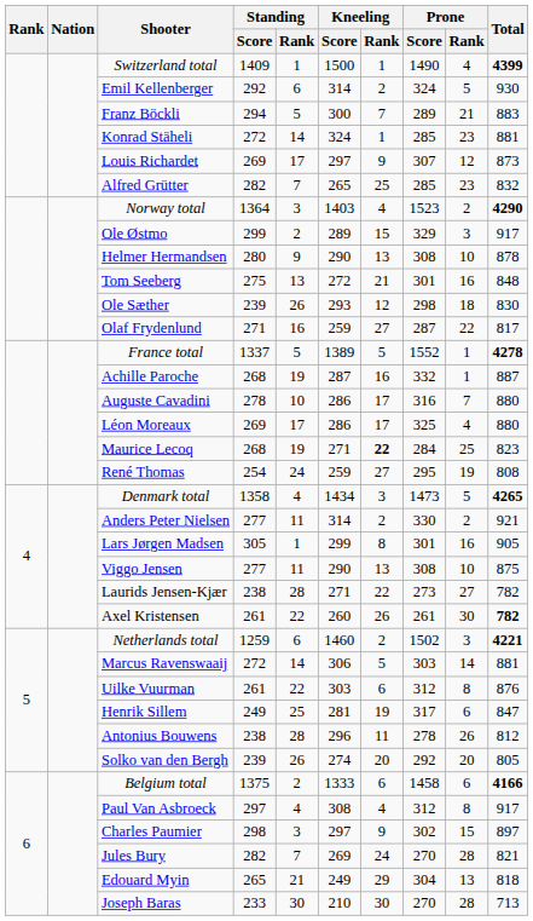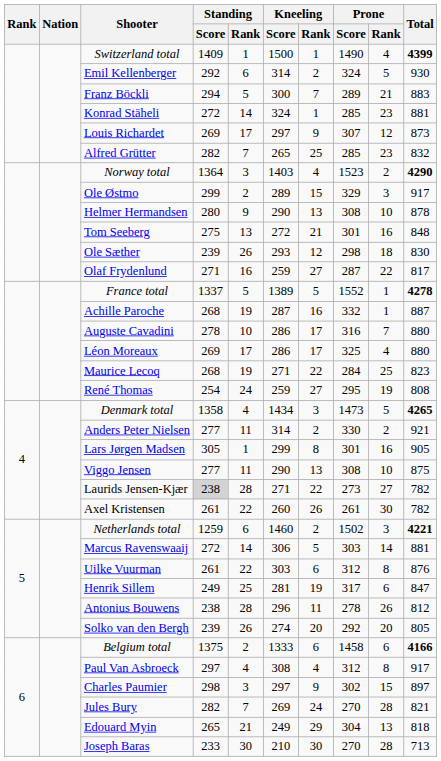 <table class="wikitable sortable" style="text-align:center">
 <tr>
 <th rowspan=2>Rank</th>
 <th rowspan=2>Nation</th>
 <th rowspan=2>Shooter</th>
 <th colspan=2>Standing</th>
 <th colspan=2>Kneeling</th>
 <th colspan=2>Prone</th>
 <th rowspan=2>Total</th>
 </tr>
 <tr>
 <th>Score</th>
 <th>Rank</th>
 <th>Score</th>
 <th>Rank</th>
 <th>Score</th>
 <th>Rank</th>
 </tr>
 <tr>
 <td rowspan=6></td>
 <td rowspan=6 align=left></td>
 <td><em>Switzerland total</em></td>
 <td>1409</td>
 <td>1</td>
 <td>1500</td>
 <td>1</td>
 <td>1490</td>
 <td>4</td>
 <td><strong>4399</strong></td>
 </tr>
 <tr>
 <td align=left><a href='#'>Emil Kellenberger</a></td>
 <td>292</td>
 <td>6</td>
 <td>314</td>
 <td>2</td>
 <td>324</td>
 <td>5</td>
 <td>930</td>
 </tr>
 <tr>
 <td align=left><a href='#'>Franz Böckli</a></td>
 <td>294</td>
 <td>5</td>
 <td>300</td>
 <td>7</td>
 <td>289</td>
 <td>21</td>
 <td>883</td>
 </tr>
 <tr>
 <td align=left><a href='#'>Konrad Stäheli</a></td>
 <td>272</td>
 <td>14</td>
 <td>324</td>
 <td>1</td>
 <td>285</td>
 <td>23</td>
 <td>881</td>
 </tr>
 <tr>
 <td align=left><a href='#'>Louis Richardet</a></td>
 <td>269</td>
 <td>17</td>
 <td>297</td>
 <td>9</td>
 <td>307</td>
 <td>12</td>
 <td>873</td>
 </tr>
 <tr>
 <td align=left><a href='#'>Alfred Grütter</a></td>
 <td>282</td>
 <td>7</td>
 <td>265</td>
 <td>25</td>
 <td>285</td>
 <td>23</td>
 <td>832</td>
 </tr>
 <tr>
 <td rowspan=6></td>
 <td rowspan=6 align=left></td>
 <td><em>Norway total</em></td>
 <td>1364</td>
 <td>3</td>
 <td>1403</td>
 <td>4</td>
 <td>1523</td>
 <td>2</td>
 <td><strong>4290</strong></td>
 </tr>
 <tr>
 <td align=left><a href='#'>Ole Østmo</a></td>
 <td>299</td>
 <td>2</td>
 <td>289</td>
 <td>15</td>
 <td>329</td>
 <td>3</td>
 <td>917</td>
 </tr>
 <tr>
 <td align=left><a href='#'>Helmer Hermandsen</a></td>
 <td>280</td>
 <td>9</td>
 <td>290</td>
 <td>13</td>
 <td>308</td>
 <td>10</td>
 <td>878</td>
 </tr>
 <tr>
 <td align=left><a href='#'>Tom Seeberg</a></td>
 <td>275</td>
 <td>13</td>
 <td>272</td>
 <td>21</td>
 <td>301</td>
 <td>16</td>
 <td>848</td>
 </tr>
 <tr>
 <td align=left><a href='#'>Ole Sæther</a></td>
 <td>239</td>
 <td>26</td>
 <td>293</td>
 <td>12</td>
 <td>298</td>
 <td>18</td>
 <td>830</td>
 </tr>
 <tr>
 <td align=left><a href='#'>Olaf Frydenlund</a></td>
 <td>271</td>
 <td>16</td>
 <td>259</td>
 <td>27</td>
 <td>287</td>
 <td>22</td>
 <td>817</td>
 </tr>
 <tr>
 <td rowspan=6></td>
 <td rowspan=6 align=left></td>
 <td><em>France total</em></td>
 <td>1337</td>
 <td>5</td>
 <td>1389</td>
 <td>5</td>
 <td>1552</td>
 <td>1</td>
 <td><strong>4278</strong></td>
 </tr>
 <tr>
 <td align=left><a href='#'>Achille Paroche</a></td>
 <td>268</td>
 <td>19</td>
 <td>287</td>
 <td>16</td>
 <td>332</td>
 <td>1</td>
 <td>887</td>
 </tr>
 <tr>
 <td align=left><a href='#'>Auguste Cavadini</a></td>
 <td>278</td>
 <td>10</td>
 <td>286</td>
 <td>17</td>
 <td>316</td>
 <td>7</td>
 <td>880</td>
 </tr>
 <tr>
 <td align=left><a href='#'>Léon Moreaux</a></td>
 <td>269</td>
 <td>17</td>
 <td>286</td>
 <td>17</td>
 <td>325</td>
 <td>4</td>
 <td>880</td>
 </tr>
 <tr>
 <td align=left><a href='#'>Maurice Lecoq</a></td>
 <td>268</td>
 <td>19</td>
 <td>271</td>
-<td><strong>22</strong></td>
+<td>22</td>
 <td>284</td>
 <td>25</td>
 <td>823</td>
 </tr>
 <tr>
 <td align=left><a href='#'>René Thomas</a></td>
 <td>254</td>
 <td>24</td>
 <td>259</td>
 <td>27</td>
 <td>295</td>
 <td>19</td>
 <td>808</td>
 </tr>
 <tr>
 <td rowspan=6>4</td>
 <td rowspan=6 align=left></td>
 <td><em>Denmark total</em></td>
 <td>1358</td>
 <td>4</td>
 <td>1434</td>
 <td>3</td>
 <td>1473</td>
 <td>5</td>
 <td><strong>4265</strong></td>
 </tr>
 <tr>
 <td align=left><a href='#'>Anders Peter Nielsen</a></td>
 <td>277</td>
 <td>11</td>
 <td>314</td>
 <td>2</td>
 <td>330</td>
 <td>2</td>
 <td>921</td>
 </tr>
 <tr>
 <td align=left><a href='#'>Lars Jørgen Madsen</a></td>
 <td>305</td>
 <td>1</td>
 <td>299</td>
 <td>8</td>
 <td>301</td>
 <td>16</td>
 <td>905</td>
 </tr>
 <tr>
 <td align=left><a href='#'>Viggo Jensen</a></td>
 <td>277</td>
 <td>11</td>
 <td>290</td>
 <td>13</td>
 <td>308</td>
 <td>10</td>
 <td>875</td>
 </tr>
 <tr>
 <td align=left>Laurids Jensen-Kjær</td>
-<td>238</td>
+<td style="background: lightgrey;">238</td>
 <td>28</td>
 <td>271</td>
 <td>22</td>
 <td>273</td>
 <td>27</td>
 <td>782</td>
 </tr>
 <tr>
 <td align=left>Axel Kristensen</td>
 <td>261</td>
 <td>22</td>
 <td>260</td>
 <td>26</td>
 <td>261</td>
 <td>30</td>
-<td><strong>782</strong></td>
+<td>782</td>
 </tr>
 <tr>
 <td rowspan=6>5</td>
 <td rowspan=6 align=left></td>
 <td><em>Netherlands total</em></td>
 <td>1259</td>
 <td>6</td>
 <td>1460</td>
 <td>2</td>
 <td>1502</td>
 <td>3</td>
 <td><strong>4221</strong></td>
 </tr>
 <tr>
 <td align=left><a href='#'>Marcus Ravenswaaij</a></td>
 <td>272</td>
 <td>14</td>
 <td>306</td>
 <td>5</td>
 <td>303</td>
 <td>14</td>
 <td>881</td>
 </tr>
 <tr>
 <td align=left><a href='#'>Uilke Vuurman</a></td>
 <td>261</td>
 <td>22</td>
 <td>303</td>
 <td>6</td>
 <td>312</td>
 <td>8</td>
 <td>876</td>
 </tr>
 <tr>
 <td align=left><a href='#'>Henrik Sillem</a></td>
 <td>249</td>
 <td>25</td>
 <td>281</td>
 <td>19</td>
 <td>317</td>
 <td>6</td>
 <td>847</td>
 </tr>
 <tr>
 <td align=left><a href='#'>Antonius Bouwens</a></td>
 <td>238</td>
 <td>28</td>
 <td>296</td>
 <td>11</td>
 <td>278</td>
 <td>26</td>
 <td>812</td>
 </tr>
 <tr>
 <td align=left><a href='#'>Solko van den Bergh</a></td>
 <td>239</td>
 <td>26</td>
 <td>274</td>
 <td>20</td>
 <td>292</td>
 <td>20</td>
 <td>805</td>
 </tr>
 <tr>
 <td rowspan=6>6</td>
 <td rowspan=6 align=left></td>
 <td><em>Belgium total</em></td>
 <td>1375</td>
 <td>2</td>
 <td>1333</td>
 <td>6</td>
 <td>1458</td>
 <td>6</td>
 <td><strong>4166</strong></td>
 </tr>
 <tr>
 <td align=left><a href='#'>Paul Van Asbroeck</a></td>
 <td>297</td>
 <td>4</td>
 <td>308</td>
 <td>4</td>
 <td>312</td>
 <td>8</td>
 <td>917</td>
 </tr>
 <tr>
 <td align=left><a href='#'>Charles Paumier</a></td>
 <td>298</td>
 <td>3</td>
 <td>297</td>
 <td>9</td>
 <td>302</td>
 <td>15</td>
 <td>897</td>
 </tr>
 <tr>
 <td align=left><a href='#'>Jules Bury</a></td>
 <td>282</td>
 <td>7</td>
 <td>269</td>
 <td>24</td>
 <td>270</td>
 <td>28</td>
 <td>821</td>
 </tr>
 <tr>
 <td align=left><a href='#'>Edouard Myin</a></td>
 <td>265</td>
 <td>21</td>
 <td>249</td>
 <td>29</td>
 <td>304</td>
 <td>13</td>
 <td>818</td>
 </tr>
 <tr>
 <td align=left><a href='#'>Joseph Baras</a></td>
 <td>233</td>
 <td>30</td>
 <td>210</td>
 <td>30</td>
 <td>270</td>
 <td>28</td>
 <td>713</td>
 </tr>
 </table>
